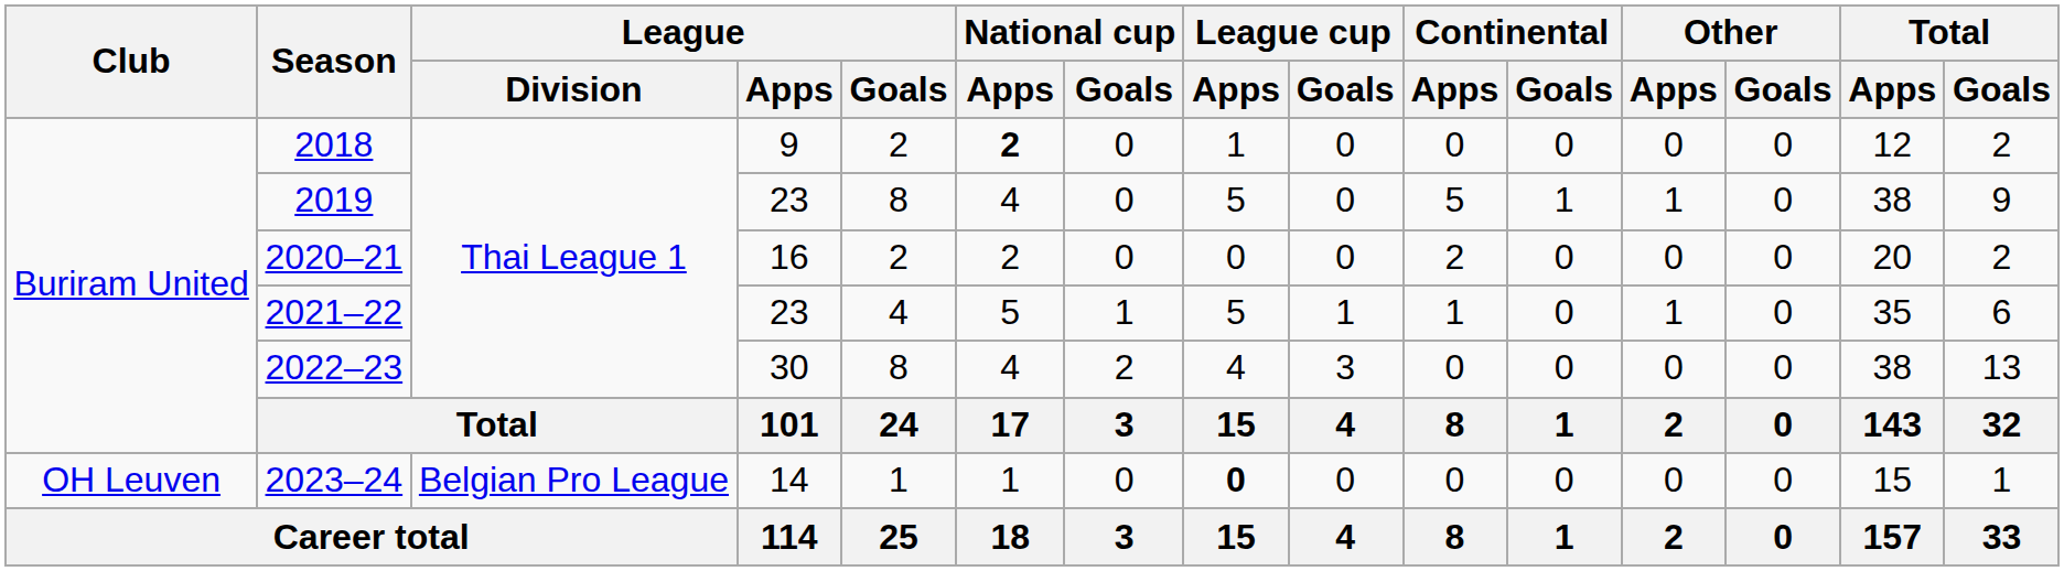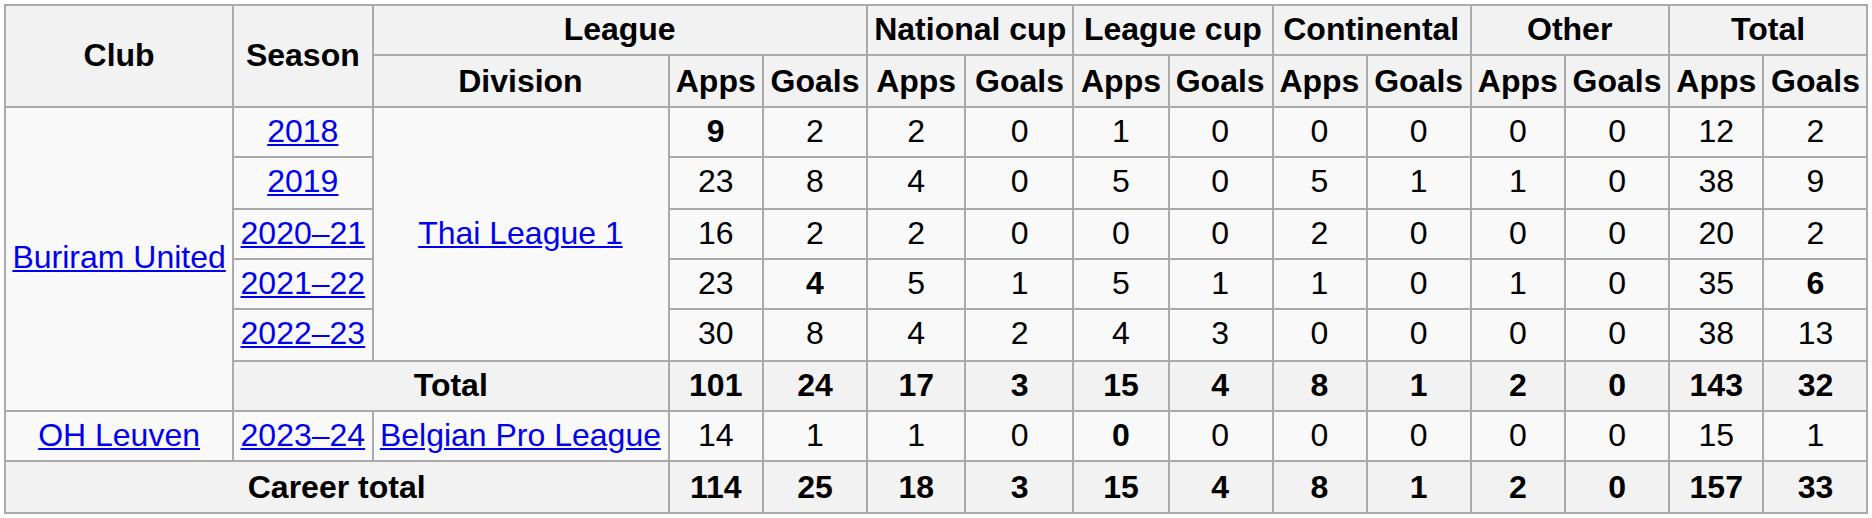 <table class=wikitable style=text-align:center>
 <tr>
 <th rowspan=2>Club</th>
 <th rowspan=2>Season</th>
 <th colspan=3>League</th>
 <th colspan=2>National cup</th>
 <th colspan=2>League cup</th>
 <th colspan=2>Continental</th>
 <th colspan=2>Other</th>
 <th colspan=2>Total</th>
 </tr>
 <tr>
 <th>Division</th>
 <th>Apps</th>
 <th>Goals</th>
 <th>Apps</th>
 <th>Goals</th>
 <th>Apps</th>
 <th>Goals</th>
 <th>Apps</th>
 <th>Goals</th>
 <th>Apps</th>
 <th>Goals</th>
 <th>Apps</th>
 <th>Goals</th>
 </tr>
 <tr>
 <td rowspan=6><a href='#'>Buriram United</a></td>
 <td><a href='#'>2018</a></td>
 <td rowspan=5><a href='#'>Thai League 1</a></td>
-<td>9</td>
+<td><strong>9</strong></td>
 <td>2</td>
-<td><strong>2</strong></td>
+<td>2</td>
 <td>0</td>
 <td>1</td>
 <td>0</td>
 <td>0</td>
 <td>0</td>
 <td>0</td>
 <td>0</td>
 <td>12</td>
 <td>2</td>
 </tr>
 <tr>
 <td><a href='#'>2019</a></td>
 <td>23</td>
 <td>8</td>
 <td>4</td>
 <td>0</td>
 <td>5</td>
 <td>0</td>
 <td>5</td>
 <td>1</td>
 <td>1</td>
 <td>0</td>
 <td>38</td>
 <td>9</td>
 </tr>
 <tr>
 <td><a href='#'>2020–21</a></td>
 <td>16</td>
 <td>2</td>
 <td>2</td>
 <td>0</td>
 <td>0</td>
 <td>0</td>
 <td>2</td>
 <td>0</td>
 <td>0</td>
 <td>0</td>
 <td>20</td>
 <td>2</td>
 </tr>
 <tr>
 <td><a href='#'>2021–22</a></td>
 <td>23</td>
-<td>4</td>
+<td><strong>4</strong></td>
 <td>5</td>
 <td>1</td>
 <td>5</td>
 <td>1</td>
 <td>1</td>
 <td>0</td>
 <td>1</td>
 <td>0</td>
 <td>35</td>
-<td>6</td>
+<td><strong>6</strong></td>
 </tr>
 <tr>
 <td><a href='#'>2022–23</a></td>
 <td>30</td>
 <td>8</td>
 <td>4</td>
 <td>2</td>
 <td>4</td>
 <td>3</td>
 <td>0</td>
 <td>0</td>
 <td>0</td>
 <td>0</td>
 <td>38</td>
 <td>13</td>
 </tr>
 <tr>
 <th colspan=2>Total</th>
 <th>101</th>
 <th>24</th>
 <th>17</th>
 <th>3</th>
 <th>15</th>
 <th>4</th>
 <th>8</th>
 <th>1</th>
 <th>2</th>
 <th>0</th>
 <th>143</th>
 <th>32</th>
 </tr>
 <tr>
 <td><a href='#'>OH Leuven</a></td>
 <td><a href='#'>2023–24</a></td>
 <td><a href='#'>Belgian Pro League</a></td>
 <td>14</td>
 <td>1</td>
 <td>1</td>
 <td>0</td>
 <td><strong>0</strong></td>
 <td>0</td>
 <td>0</td>
 <td>0</td>
 <td>0</td>
 <td>0</td>
 <td>15</td>
 <td>1</td>
 </tr>
 <tr>
 <th colspan=3>Career total</th>
 <th>114</th>
 <th>25</th>
 <th>18</th>
 <th>3</th>
 <th>15</th>
 <th>4</th>
 <th>8</th>
 <th>1</th>
 <th>2</th>
 <th>0</th>
 <th>157</th>
 <th>33</th>
 </tr>
 </table>
